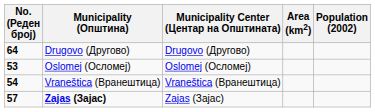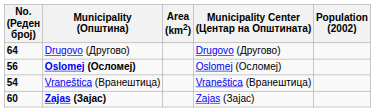 <table class="wikitable sortable">
 <tr>
 <th>No. <br> (Реден <br> број)</th>
 <th>Municipality<br>(Општина)</th>
+<th>Area<br>(km<sup>2</sup>)</th>
 <th>Municipality Center<br>(Центар на Општината)</th>
-<th>Area<br>(km<sup>2</sup>)</th>
 <th>Population<br>(2002)</th>
 </tr>
 <tr>
 <td><strong>64</strong></td>
 <td><a href='#'>Drugovo</a> (Другово)</td>
+<td style="text-align: right;"></td>
 <td><a href='#'>Drugovo</a> (Другово)</td>
-<td style="text-align: right;"></td>
 <td style="text-align: right;"></td>
 </tr>
 <tr>
-<td><strong>53</strong></td>
+<td><strong>56</strong></td>
+<td><strong><a href='#'>Oslomej</a> (Осломеј)</strong></td>
+<td style="text-align: right;"></td>
 <td><a href='#'>Oslomej</a> (Осломеј)</td>
-<td><a href='#'>Oslomej</a> (Осломеј)</td>
-<td style="text-align: right;"></td>
 <td style="text-align: right;"></td>
 </tr>
 <tr>
 <td><strong>54</strong></td>
 <td><a href='#'>Vraneštica</a> (Вранештица)</td>
+<td style="text-align: right;"></td>
 <td><a href='#'>Vraneštica</a> (Вранештица)</td>
-<td style="text-align: right;"></td>
 <td style="text-align: right;"></td>
 </tr>
 <tr>
-<td><strong>57</strong></td>
+<td><strong>60</strong></td>
 <td><strong><a href='#'>Zajas</a> (Зајас)</strong></td>
+<td style="text-align: right;"></td>
 <td><a href='#'>Zajas</a> (Зајас)</td>
-<td style="text-align: right;"></td>
 <td style="text-align: right;"></td>
 </tr>
 </table>
